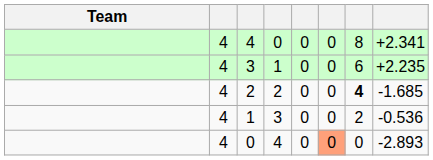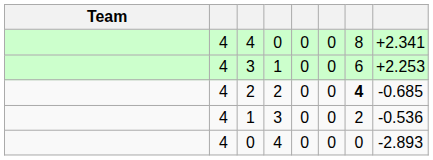 <table class="wikitable" style="text-align:center">
 <tr>
 <th width=200>Team</th>
 <th width=20></th>
 <th width=20></th>
 <th width=20></th>
 <th width=20></th>
 <th width=20></th>
 <th width=20></th>
 <th width=45></th>
 </tr>
 <tr style="background:#cfc;">
 <td align="left"></td>
 <td>4</td>
 <td>4</td>
 <td>0</td>
 <td>0</td>
 <td>0</td>
 <td>8</td>
 <td>+2.341</td>
 </tr>
 <tr style="background:#cfc;">
 <td align="left"></td>
 <td>4</td>
 <td>3</td>
 <td>1</td>
 <td>0</td>
 <td>0</td>
 <td>6</td>
-<td>+2.235</td>
+<td>+2.253</td>
 </tr>
 <tr>
 <td align="left"></td>
 <td>4</td>
 <td>2</td>
 <td>2</td>
 <td>0</td>
 <td>0</td>
 <td><strong>4</strong></td>
-<td>-1.685</td>
+<td>-0.685</td>
 </tr>
 <tr>
 <td align="left"></td>
 <td>4</td>
 <td>1</td>
 <td>3</td>
 <td>0</td>
 <td>0</td>
 <td>2</td>
 <td>-0.536</td>
 </tr>
 <tr>
 <td align="left"></td>
 <td>4</td>
 <td>0</td>
 <td>4</td>
 <td>0</td>
-<td style="background: lightsalmon;">0</td>
+<td>0</td>
 <td>0</td>
 <td>-2.893</td>
 </tr>
 </table>
